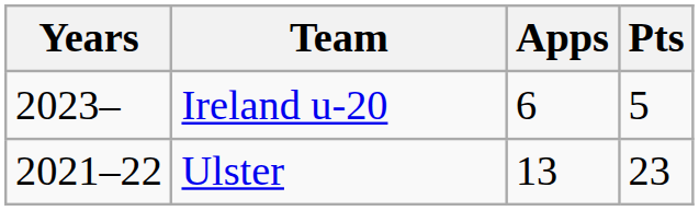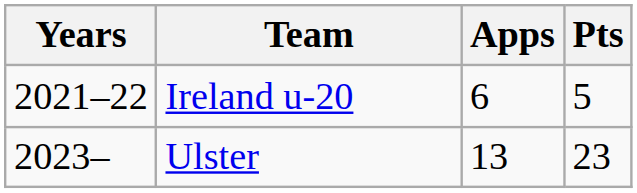 <table class="wikitable" style="text-align:left;">
 <tr>
 <th>Years</th>
 <th width=120px>Team</th>
 <th>Apps</th>
 <th>Pts</th>
 </tr>
 <tr>
-<td>2023–</td>
+<td>2021–22</td>
 <td><a href='#'>Ireland u-20</a></td>
 <td>6</td>
 <td>5</td>
 </tr>
 <tr>
-<td>2021–22</td>
+<td>2023–</td>
 <td><a href='#'>Ulster</a></td>
 <td>13</td>
 <td>23</td>
 </tr>
 </table>
